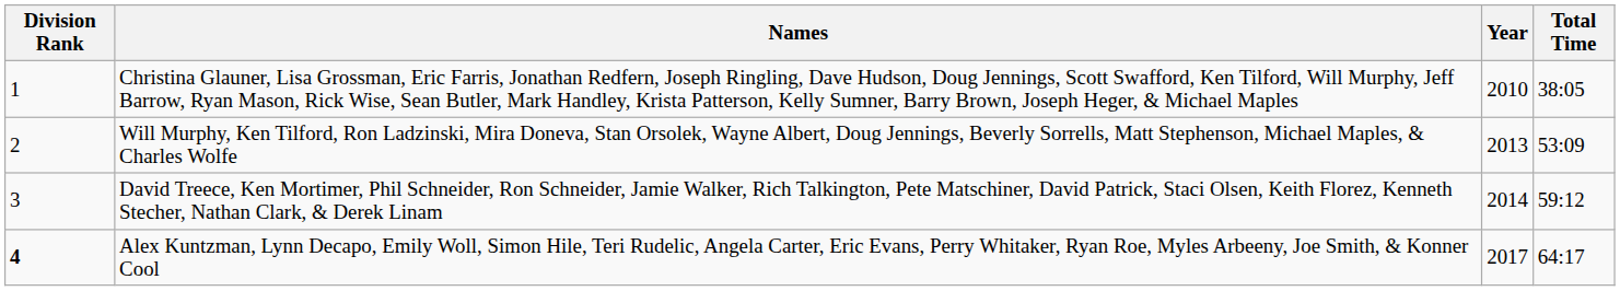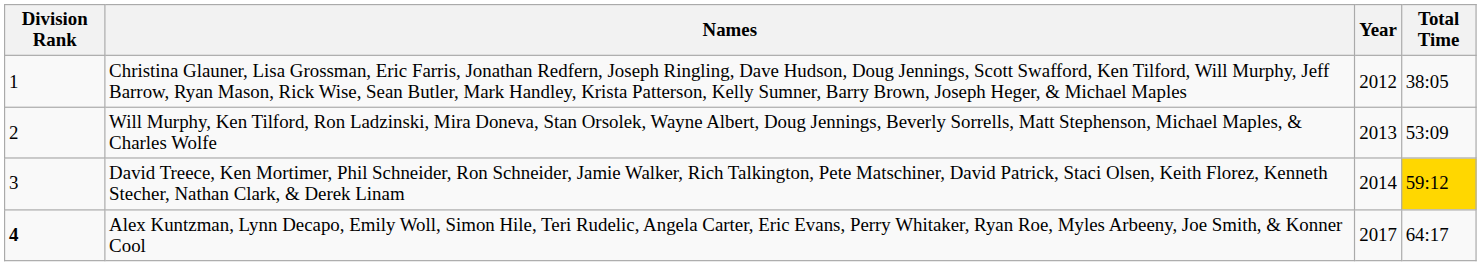 <table class="wikitable sortable">
 <tr>
 <th>Division Rank</th>
 <th>Names</th>
 <th>Year</th>
 <th>Total Time</th>
 </tr>
 <tr>
 <td>1</td>
 <td>Christina Glauner, Lisa Grossman, Eric Farris, Jonathan Redfern, Joseph Ringling, Dave Hudson, Doug Jennings, Scott Swafford, Ken Tilford, Will Murphy, Jeff Barrow, Ryan Mason, Rick Wise, Sean Butler, Mark Handley, Krista Patterson, Kelly Sumner, Barry Brown, Joseph Heger, & Michael Maples</td>
-<td>2010</td>
+<td>2012</td>
 <td>38:05</td>
 </tr>
 <tr>
 <td>2</td>
 <td>Will Murphy, Ken Tilford, Ron Ladzinski, Mira Doneva, Stan Orsolek, Wayne Albert, Doug Jennings, Beverly Sorrells, Matt Stephenson, Michael Maples, & Charles Wolfe</td>
 <td>2013</td>
 <td>53:09</td>
 </tr>
 <tr>
 <td>3</td>
 <td>David Treece, Ken Mortimer, Phil Schneider, Ron Schneider, Jamie Walker, Rich Talkington, Pete Matschiner, David Patrick, Staci Olsen, Keith Florez, Kenneth Stecher, Nathan Clark, & Derek Linam</td>
 <td>2014</td>
-<td>59:12</td>
+<td style="background: gold;">59:12</td>
 </tr>
 <tr>
 <td><strong>4</strong></td>
 <td>Alex Kuntzman, Lynn Decapo, Emily Woll, Simon Hile, Teri Rudelic, Angela Carter, Eric Evans, Perry Whitaker, Ryan Roe, Myles Arbeeny, Joe Smith, & Konner Cool</td>
 <td>2017</td>
 <td>64:17</td>
 </tr>
 </table>
